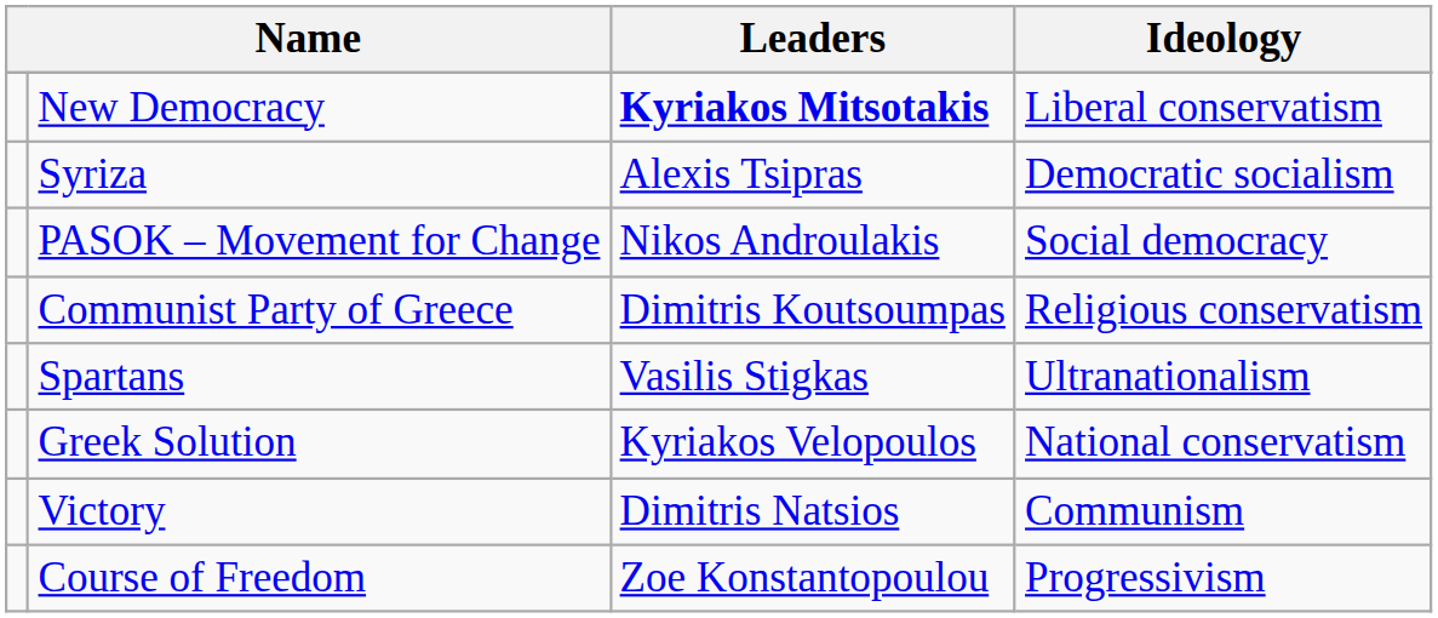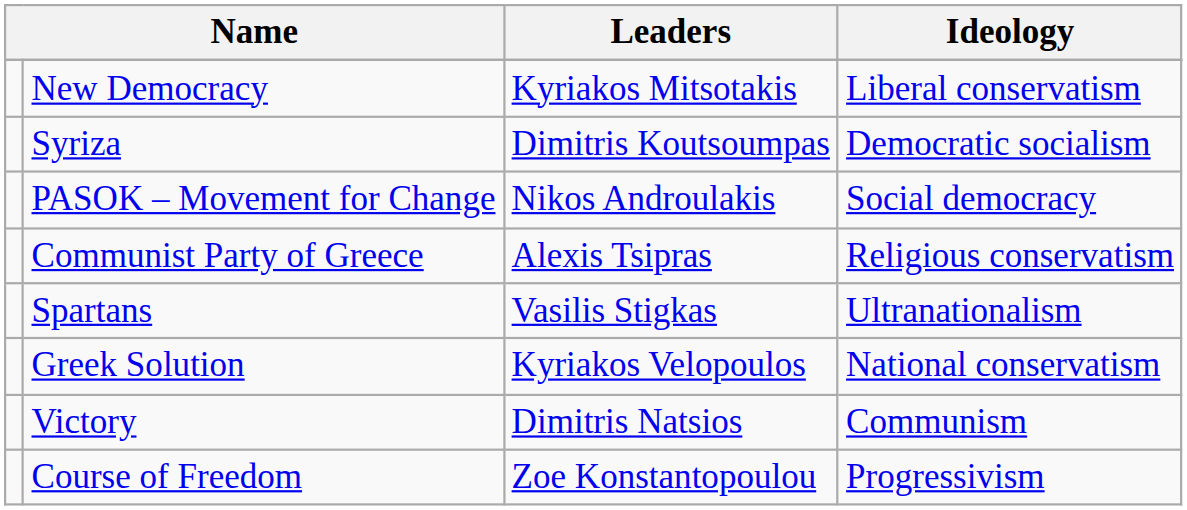 <table class="wikitable">
 <tr>
 <th colspan="2">Name</th>
 <th colspan="1">Leaders</th>
 <th colspan="1">Ideology</th>
 </tr>
 <tr>
 </tr>
 <tr>
 <td width="1"></td>
 <td><a href='#'>New Democracy</a></td>
-<td><strong><a href='#'>Kyriakos Mitsotakis</a></strong></td>
+<td><a href='#'>Kyriakos Mitsotakis</a></td>
 <td><a href='#'>Liberal conservatism</a></td>
 </tr>
 <tr>
 <td width="1"></td>
 <td><a href='#'>Syriza</a></td>
-<td><a href='#'>Alexis Tsipras</a></td>
+<td><a href='#'>Dimitris Koutsoumpas</a></td>
 <td><a href='#'>Democratic socialism</a></td>
 </tr>
 <tr>
 <td width="1"></td>
 <td><a href='#'>PASOK – Movement for Change</a></td>
 <td><a href='#'>Nikos Androulakis</a></td>
 <td><a href='#'>Social democracy</a></td>
 </tr>
 <tr>
 <td width="1"></td>
 <td><a href='#'>Communist Party of Greece</a></td>
-<td><a href='#'>Dimitris Koutsoumpas</a></td>
+<td><a href='#'>Alexis Tsipras</a></td>
 <td><a href='#'>Religious conservatism</a></td>
 </tr>
 <tr>
 <td width="1"></td>
 <td><a href='#'>Spartans</a></td>
 <td><a href='#'>Vasilis Stigkas</a></td>
 <td><a href='#'>Ultranationalism</a></td>
 </tr>
 <tr>
 <td width="1"></td>
 <td><a href='#'>Greek Solution</a></td>
 <td><a href='#'>Kyriakos Velopoulos</a></td>
 <td><a href='#'>National conservatism</a></td>
 </tr>
 <tr>
 <td width="1"></td>
 <td><a href='#'>Victory</a></td>
 <td><a href='#'>Dimitris Natsios</a></td>
 <td><a href='#'>Communism</a></td>
 </tr>
 <tr>
 <td width="1"></td>
 <td><a href='#'>Course of Freedom</a></td>
 <td><a href='#'>Zoe Konstantopoulou</a></td>
 <td><a href='#'>Progressivism</a></td>
 </tr>
 </table>
